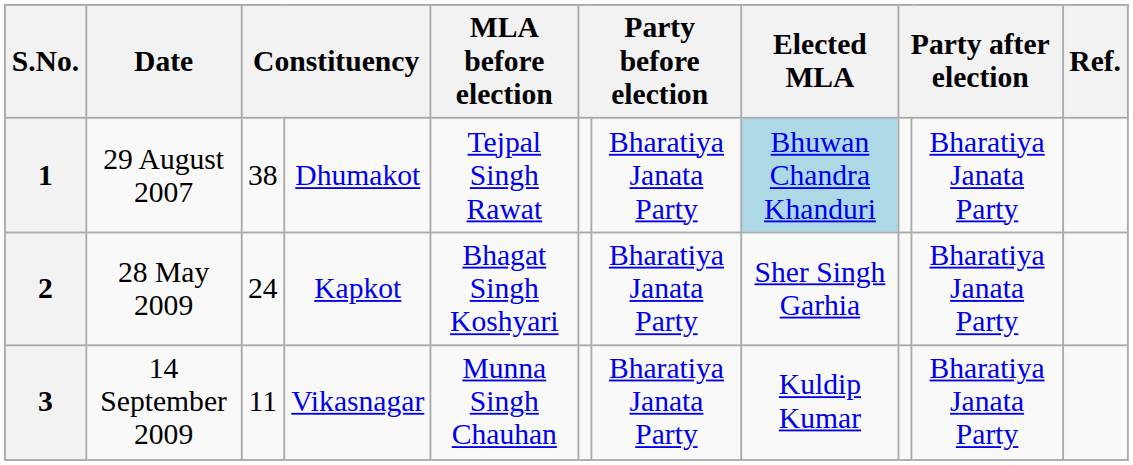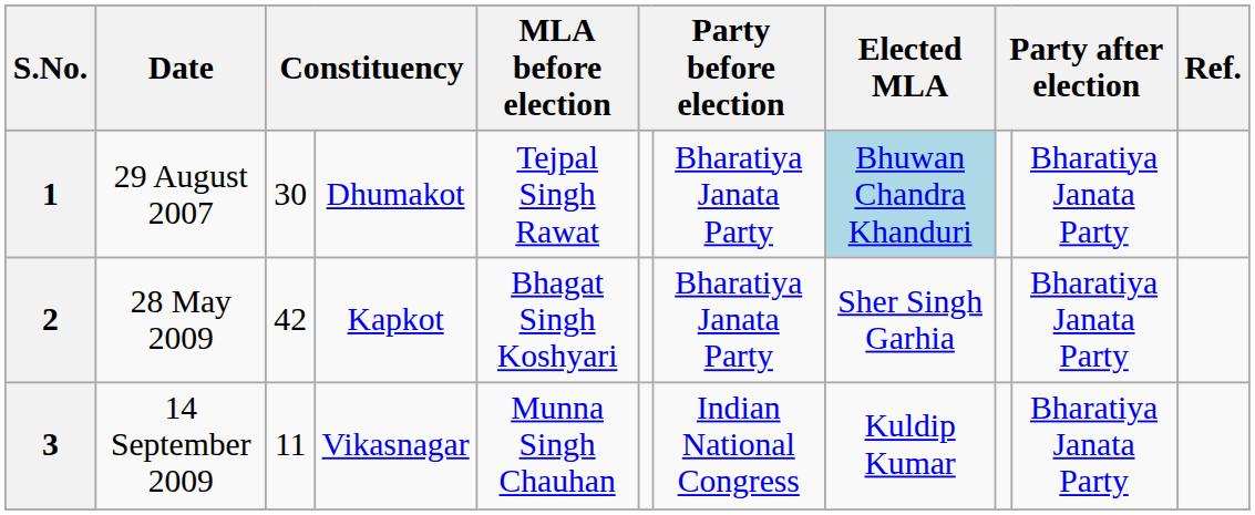 <table class="wikitable sortable" style="text-align:center;">
 <tr>
 <th>S.No.</th>
 <th>Date</th>
 <th colspan="2">Constituency</th>
 <th>MLA before election</th>
 <th colspan="2">Party before election</th>
 <th>Elected MLA</th>
 <th colspan="2">Party after election</th>
 <th>Ref.</th>
 </tr>
 <tr>
 <th>1</th>
 <td>29 August 2007</td>
-<td>38</td>
+<td>30</td>
 <td><a href='#'>Dhumakot</a></td>
 <td><a href='#'>Tejpal Singh Rawat</a></td>
 <td></td>
 <td><a href='#'>Bharatiya Janata Party</a></td>
 <td style="background: lightblue;"><a href='#'>Bhuwan Chandra Khanduri</a></td>
 <td></td>
 <td><a href='#'>Bharatiya Janata Party</a></td>
 <td></td>
 </tr>
 <tr>
 <th>2</th>
 <td>28 May 2009</td>
-<td>24</td>
+<td>42</td>
 <td><a href='#'>Kapkot</a></td>
 <td><a href='#'>Bhagat Singh Koshyari</a></td>
 <td></td>
 <td><a href='#'>Bharatiya Janata Party</a></td>
 <td><a href='#'>Sher Singh Garhia</a></td>
 <td></td>
 <td><a href='#'>Bharatiya Janata Party</a></td>
 <td></td>
 </tr>
 <tr>
 <th>3</th>
 <td>14 September 2009</td>
 <td>11</td>
 <td><a href='#'>Vikasnagar</a></td>
 <td><a href='#'>Munna Singh Chauhan</a></td>
 <td></td>
-<td><a href='#'>Bharatiya Janata Party</a></td>
+<td><a href='#'>Indian National Congress</a></td>
 <td><a href='#'>Kuldip Kumar</a></td>
 <td></td>
 <td><a href='#'>Bharatiya Janata Party</a></td>
 <td></td>
 </tr>
 </table>
